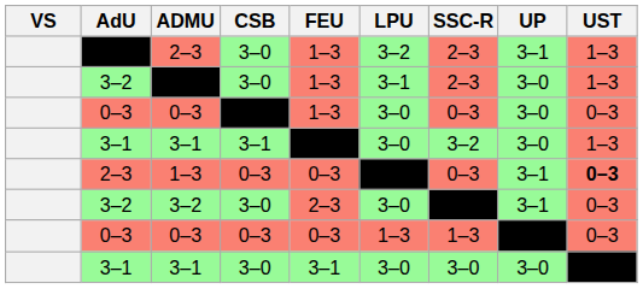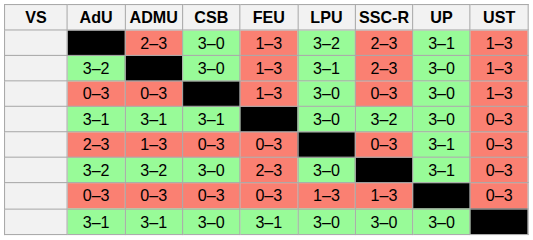 <table class="wikitable" style="text-align:center; font-size:95%;">
 <tr>
 <th width=12%>VS</th>
 <th width=11%>AdU</th>
 <th width=11%>ADMU</th>
 <th width=11%>CSB</th>
 <th width=11%>FEU</th>
 <th width=11%>LPU</th>
 <th width=11%>SSC-R</th>
 <th width=11%>UP</th>
 <th width=11%>UST</th>
 </tr>
 <tr>
 <th align=right></th>
 <td style="background:black;"></td>
 <td style="background:salmon;">2–3</td>
 <td style="background:#98fb98;">3–0</td>
 <td style="background:salmon;">1–3</td>
 <td style="background:#98fb98;">3–2</td>
 <td style="background:salmon;">2–3</td>
 <td style="background:#98fb98;">3–1</td>
 <td style="background:salmon;">1–3</td>
 </tr>
 <tr>
 <th align=right></th>
 <td style="background:#98fb98;">3–2</td>
 <td style="background:black;"></td>
 <td style="background:#98fb98;">3–0</td>
 <td style="background:salmon;">1–3</td>
 <td style="background:#98fb98;">3–1</td>
 <td style="background:salmon;">2–3</td>
 <td style="background:#98fb98;">3–0</td>
 <td style="background:salmon;">1–3</td>
 </tr>
 <tr>
 <th align=right></th>
 <td style="background:salmon;">0–3</td>
 <td style="background:salmon;">0–3</td>
 <td style="background:black;"></td>
 <td style="background:salmon;">1–3</td>
 <td style="background:#98fb98;">3–0</td>
 <td style="background:salmon;">0–3</td>
 <td style="background:#98fb98;">3–0</td>
-<td style="background:salmon;">0–3</td>
+<td style="background:salmon;">1–3</td>
 </tr>
 <tr>
 <th align=right></th>
 <td style="background:#98fb98;">3–1</td>
 <td style="background:#98fb98;">3–1</td>
 <td style="background:#98fb98;">3–1</td>
 <td style="background:black;"></td>
 <td style="background:#98fb98;">3–0</td>
 <td style="background:#98fb98;">3–2</td>
 <td style="background:#98fb98;">3–0</td>
-<td style="background:salmon;">1–3</td>
+<td style="background:salmon;">0–3</td>
 </tr>
 <tr>
 <th align=right></th>
 <td style="background:salmon;">2–3</td>
 <td style="background:salmon;">1–3</td>
 <td style="background:salmon;">0–3</td>
 <td style="background:salmon;">0–3</td>
 <td style="background:black;"></td>
 <td style="background:salmon;">0–3</td>
 <td style="background:#98fb98;">3–1</td>
-<td style="background:salmon;"><strong>0–3</strong></td>
+<td style="background:salmon;">0–3</td>
 </tr>
 <tr>
 <th align=right></th>
 <td style="background:#98fb98;">3–2</td>
 <td style="background:#98fb98;">3–2</td>
 <td style="background:#98fb98;">3–0</td>
 <td style="background:salmon;">2–3</td>
 <td style="background:#98fb98;">3–0</td>
 <td style="background:black;"></td>
 <td style="background:#98fb98;">3–1</td>
 <td style="background:salmon;">0–3</td>
 </tr>
 <tr>
 <th align=right></th>
 <td style="background:salmon;">0–3</td>
 <td style="background:salmon;">0–3</td>
 <td style="background:salmon;">0–3</td>
 <td style="background:salmon;">0–3</td>
 <td style="background:salmon;">1–3</td>
 <td style="background:salmon;">1–3</td>
 <td style="background:black;"></td>
 <td style="background:salmon;">0–3</td>
 </tr>
 <tr>
 <th align=right></th>
 <td style="background:#98fb98;">3–1</td>
 <td style="background:#98fb98;">3–1</td>
 <td style="background:#98fb98;">3–0</td>
 <td style="background:#98fb98;">3–1</td>
 <td style="background:#98fb98;">3–0</td>
 <td style="background:#98fb98;">3–0</td>
 <td style="background:#98fb98;">3–0</td>
 <td style="background:black;"></td>
 </tr>
 </table>
